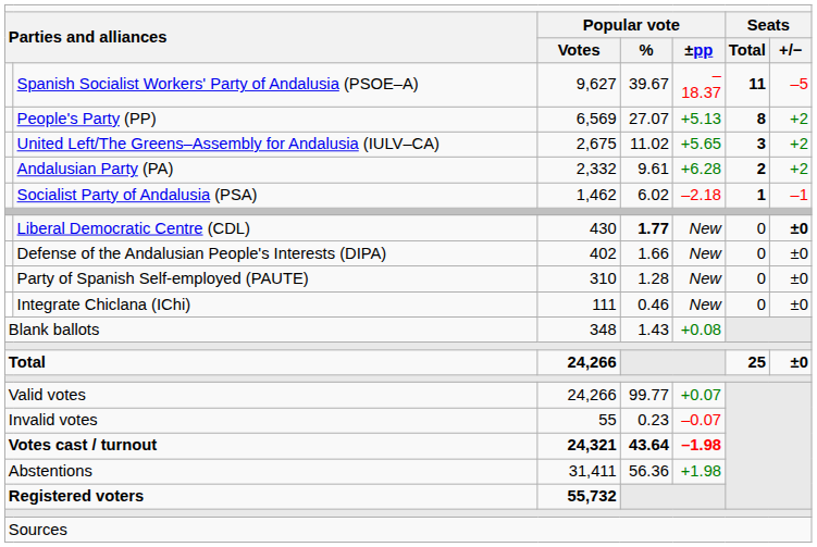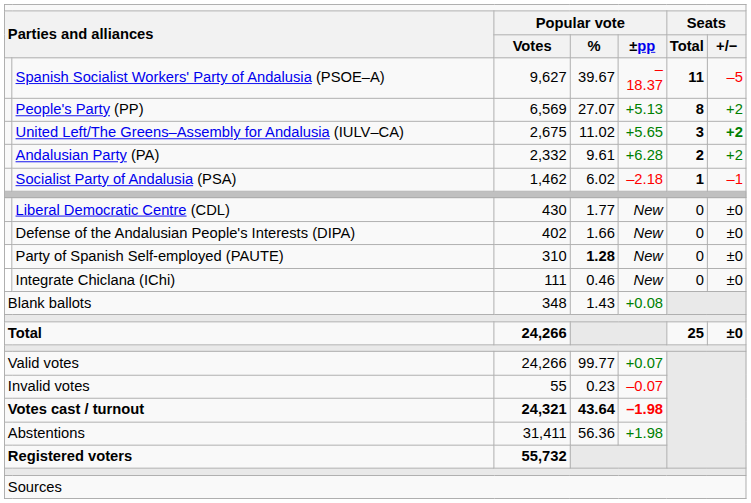 <table class="wikitable" style="text-align:right;">
 <tr>
 <td colspan="7"></td>
 </tr>
 <tr>
 <th style="text-align:left;" rowspan="2" colspan="2" width="525">Parties and alliances</th>
 <th colspan="3">Popular vote</th>
 <th colspan="2">Seats</th>
 </tr>
 <tr>
 <th width="75">Votes</th>
 <th width="45">%</th>
 <th width="45">±<a href='#'>pp</a></th>
 <th width="35">Total</th>
 <th width="35">+/−</th>
 </tr>
 <tr>
 <td width="1" style="color:inherit;background:"></td>
 <td align="left"><a href='#'>Spanish Socialist Workers' Party of Andalusia</a> (PSOE–A)</td>
 <td>9,627</td>
 <td>39.67</td>
 <td style="color:red;">–18.37</td>
 <td><strong>11</strong></td>
 <td style="color:red;">–5</td>
 </tr>
 <tr>
 <td style="color:inherit;background:"></td>
 <td align="left"><a href='#'>People's Party</a> (PP)</td>
 <td>6,569</td>
 <td>27.07</td>
 <td style="color:green;">+5.13</td>
 <td><strong>8</strong></td>
 <td style="color:green;">+2</td>
 </tr>
 <tr>
 <td style="color:inherit;background:"></td>
 <td align="left"><a href='#'>United Left/The Greens–Assembly for Andalusia</a> (IULV–CA)</td>
 <td>2,675</td>
 <td>11.02</td>
 <td style="color:green;">+5.65</td>
 <td><strong>3</strong></td>
-<td style="color:green;">+2</td>
+<td style="color:green;"><strong>+2</strong></td>
 </tr>
 <tr>
 <td style="color:inherit;background:"></td>
 <td align="left"><a href='#'>Andalusian Party</a> (PA)</td>
 <td>2,332</td>
 <td>9.61</td>
 <td style="color:green;">+6.28</td>
 <td><strong>2</strong></td>
 <td style="color:green;">+2</td>
 </tr>
 <tr>
 <td style="color:inherit;background:"></td>
 <td align="left"><a href='#'>Socialist Party of Andalusia</a> (PSA)</td>
 <td>1,462</td>
 <td>6.02</td>
 <td style="color:red;">–2.18</td>
 <td><strong>1</strong></td>
 <td style="color:red;">–1</td>
 </tr>
 <tr>
 <td colspan="7" bgcolor="#C0C0C0"></td>
 </tr>
 <tr>
 <td style="color:inherit;background:"></td>
 <td align="left"><a href='#'>Liberal Democratic Centre</a> (CDL)</td>
 <td>430</td>
-<td><strong>1.77</strong></td>
+<td>1.77</td>
 <td><em>New</em></td>
 <td>0</td>
-<td><strong>±0</strong></td>
+<td>±0</td>
 </tr>
 <tr>
 <td style="color:inherit;background:"></td>
 <td align="left">Defense of the Andalusian People's Interests (DIPA)</td>
 <td>402</td>
 <td>1.66</td>
 <td><em>New</em></td>
 <td>0</td>
 <td>±0</td>
 </tr>
 <tr>
 <td bgcolor="white"></td>
 <td align="left">Party of Spanish Self-employed (PAUTE)</td>
 <td>310</td>
-<td>1.28</td>
+<td><strong>1.28</strong></td>
 <td><em>New</em></td>
 <td>0</td>
 <td>±0</td>
 </tr>
 <tr>
 <td bgcolor="white"></td>
 <td align="left">Integrate Chiclana (IChi)</td>
 <td>111</td>
 <td>0.46</td>
 <td><em>New</em></td>
 <td>0</td>
 <td>±0</td>
 </tr>
 <tr>
 <td align="left" colspan="2">Blank ballots</td>
 <td>348</td>
 <td>1.43</td>
 <td style="color:green;">+0.08</td>
 <td bgcolor="#E9E9E9" colspan="2"></td>
 </tr>
 <tr>
 <td colspan="7" bgcolor="#E9E9E9"></td>
 </tr>
 <tr style="font-weight:bold;">
 <td align="left" colspan="2">Total</td>
 <td>24,266</td>
 <td bgcolor="#E9E9E9" colspan="2"></td>
 <td>25</td>
 <td>±0</td>
 </tr>
 <tr>
 <td colspan="7" bgcolor="#E9E9E9"></td>
 </tr>
 <tr>
 <td align="left" colspan="2">Valid votes</td>
 <td>24,266</td>
 <td>99.77</td>
 <td style="color:green;">+0.07</td>
 <td bgcolor="#E9E9E9" colspan="2" rowspan="5"></td>
 </tr>
 <tr>
 <td align="left" colspan="2">Invalid votes</td>
 <td>55</td>
 <td>0.23</td>
 <td style="color:red;">–0.07</td>
 </tr>
 <tr style="font-weight:bold;">
 <td align="left" colspan="2">Votes cast / turnout</td>
 <td>24,321</td>
 <td>43.64</td>
 <td style="color:red;">–1.98</td>
 </tr>
 <tr>
 <td align="left" colspan="2">Abstentions</td>
 <td>31,411</td>
 <td>56.36</td>
 <td style="color:green;">+1.98</td>
 </tr>
 <tr style="font-weight:bold;">
 <td align="left" colspan="2">Registered voters</td>
 <td>55,732</td>
 <td bgcolor="#E9E9E9" colspan="2"></td>
 </tr>
 <tr>
 <td colspan="7" bgcolor="#E9E9E9"></td>
 </tr>
 <tr>
 <td align="left" colspan="7">Sources</td>
 </tr>
 </table>
